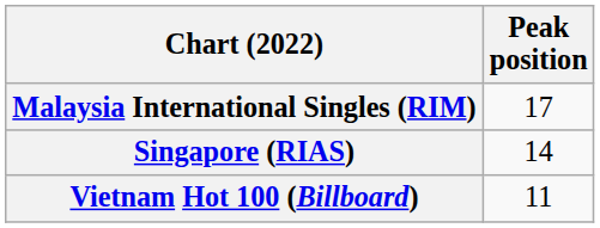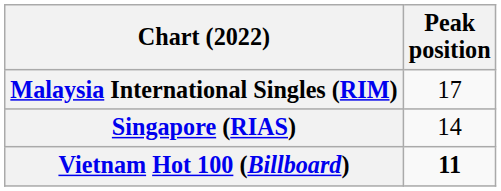 <table class="wikitable plainrowheaders sortable" style="text-align:center">
 <tr>
 <th scope="col">Chart (2022)</th>
 <th scope="col">Peak<br>position</th>
 </tr>
 <tr>
 <th scope="row"><a href='#'>Malaysia</a> International Singles (<a href='#'>RIM</a>)</th>
 <td>17</td>
 </tr>
 <tr>
 <th scope="row"><a href='#'>Singapore</a> (<a href='#'>RIAS</a>)</th>
 <td>14</td>
 </tr>
 <tr>
 <th scope="row"><a href='#'>Vietnam</a> <a href='#'>Hot 100</a> (<em><a href='#'>Billboard</a></em>)</th>
-<td>11</td>
+<td><strong>11</strong></td>
 </tr>
 </table>
